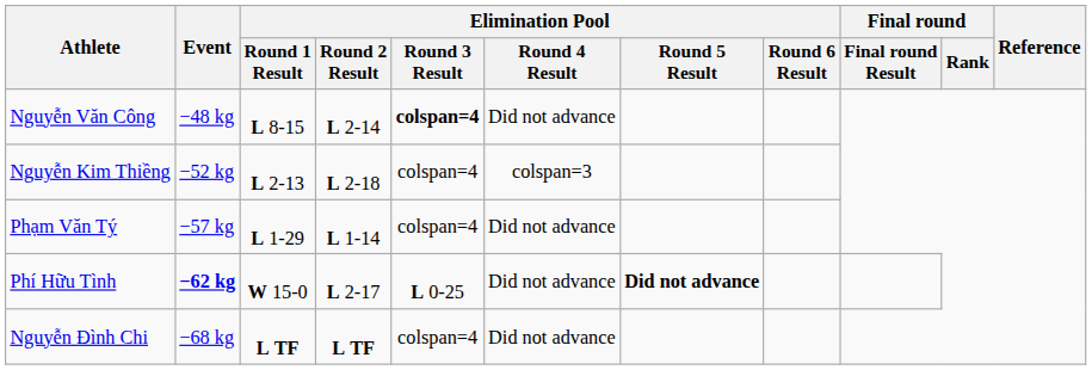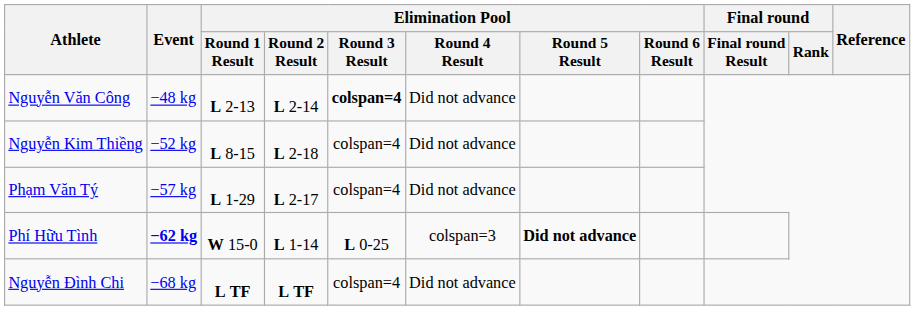 <table class="wikitable" style="font-size:90%;">
 <tr>
 <th rowspan="2">Athlete</th>
 <th rowspan="2">Event</th>
 <th colspan=6>Elimination Pool</th>
 <th colspan=2>Final round</th>
 <th rowspan="2">Reference</th>
 </tr>
 <tr style="font-size: 95%">
 <th>Round 1<br>Result</th>
 <th>Round 2<br>Result</th>
 <th>Round 3<br>Result</th>
 <th>Round 4<br>Result</th>
 <th>Round 5<br>Result</th>
 <th>Round 6<br>Result</th>
 <th>Final round<br>Result</th>
 <th>Rank</th>
 </tr>
 <tr align=center>
 <td align=left><a href='#'>Nguyễn Văn Công</a></td>
 <td align=left><a href='#'>−48 kg</a></td>
-<td><br><strong>L</strong> 8-15</td>
+<td><br><strong>L</strong> 2-13</td>
 <td><br><strong>L</strong> 2-14</td>
 <td><strong>colspan=4 </strong></td>
 <td>Did not advance</td>
 <td></td>
 <td></td>
 </tr>
 <tr align=center>
 <td align=left><a href='#'>Nguyễn Kim Thiềng</a></td>
 <td align=left><a href='#'>−52 kg</a></td>
-<td><br><strong>L</strong> 2-13</td>
+<td><br><strong>L</strong> 8-15</td>
 <td><br><strong>L</strong> 2-18</td>
 <td>colspan=4 </td>
-<td>colspan=3 </td>
+<td>Did not advance</td>
 <td></td>
 <td></td>
 </tr>
 <tr align=center>
 <td align=left><a href='#'>Phạm Văn Tý</a></td>
 <td align=left><a href='#'>−57 kg</a></td>
 <td><br><strong>L</strong> 1-29</td>
-<td><br><strong>L</strong> 1-14</td>
+<td><br><strong>L</strong> 2-17</td>
 <td>colspan=4 </td>
 <td>Did not advance</td>
 <td></td>
 <td></td>
 </tr>
 <tr align=center>
 <td align=left><a href='#'>Phí Hữu Tình</a></td>
 <td align=left><strong><a href='#'>−62 kg</a></strong></td>
 <td><br><strong>W</strong> 15-0</td>
-<td><br><strong>L</strong> 2-17</td>
+<td><br><strong>L</strong> 1-14</td>
 <td><br><strong>L</strong> 0-25</td>
-<td>Did not advance</td>
+<td>colspan=3 </td>
 <td><strong>Did not advance</strong></td>
 <td></td>
 <td></td>
 </tr>
 <tr align=center>
 <td align=left><a href='#'>Nguyễn Ðình Chi</a></td>
 <td align=left><a href='#'>−68 kg</a></td>
 <td><br><strong>L</strong> <strong>TF</strong></td>
 <td><br><strong>L</strong> <strong>TF</strong></td>
 <td>colspan=4 </td>
 <td>Did not advance</td>
 <td></td>
 <td></td>
 </tr>
 </table>
